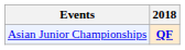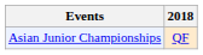 <table style='font-size: 90%; text-align:center;' class='wikitable'>
 <tr>
 <th>Events</th>
 <th>2018</th>
 </tr>
 <tr>
 <td bgcolor="#ECF2FF"; align="left"><a href='#'>Asian Junior Championships</a></td>
-<td bgcolor=FFEBCD><strong><a href='#'>QF</a></strong></td>
+<td bgcolor=FFEBCD><a href='#'>QF</a></td>
 </tr>
 </table>
